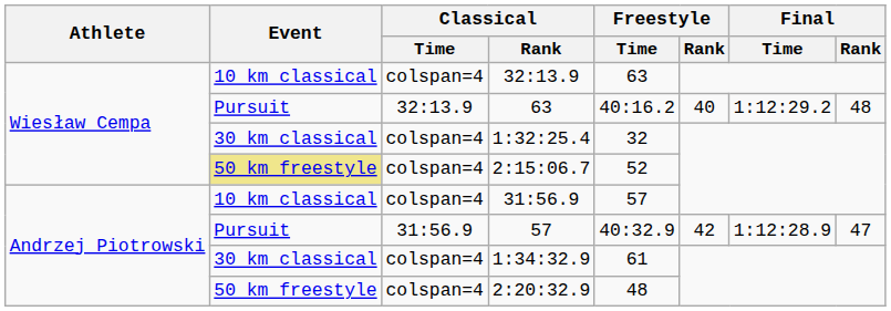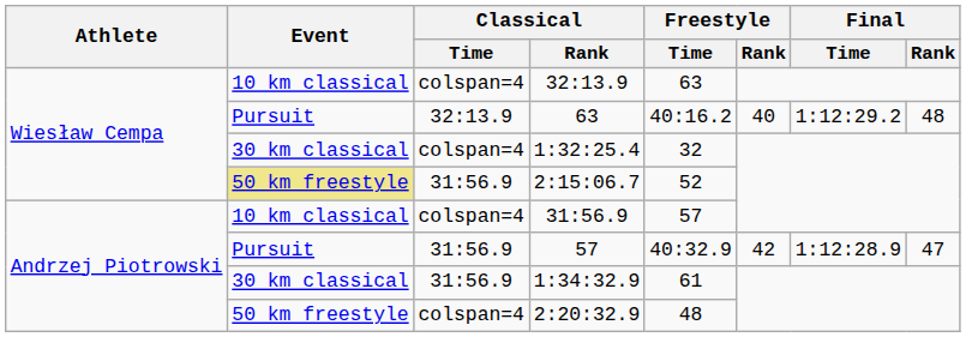 <table class="wikitable" style="font-size:90%">
 <tr>
 <th rowspan=2>Athlete</th>
 <th rowspan=2>Event</th>
 <th colspan=2>Classical</th>
 <th colspan=2>Freestyle</th>
 <th colspan=2>Final</th>
 </tr>
 <tr style="font-size: 95%">
 <th>Time</th>
 <th>Rank</th>
 <th>Time</th>
 <th>Rank</th>
 <th>Time</th>
 <th>Rank</th>
 </tr>
 <tr align=center>
 <td align=left rowspan=4><a href='#'>Wiesław Cempa</a></td>
 <td align=left><a href='#'>10 km classical</a></td>
 <td>colspan=4 </td>
 <td>32:13.9</td>
 <td>63</td>
 </tr>
 <tr align=center>
 <td align=left><a href='#'>Pursuit</a></td>
 <td>32:13.9</td>
 <td>63</td>
 <td>40:16.2</td>
 <td>40</td>
 <td>1:12:29.2</td>
 <td>48</td>
 </tr>
 <tr align=center>
 <td align=left rowspan=1><a href='#'>30 km classical</a></td>
 <td>colspan=4 </td>
 <td>1:32:25.4</td>
 <td>32</td>
 </tr>
 <tr align=center>
 <td align=left rowspan=1 style="background: khaki;"><a href='#'>50 km freestyle</a></td>
-<td>colspan=4 </td>
+<td>31:56.9</td>
 <td>2:15:06.7</td>
 <td>52</td>
 </tr>
 <tr align=center>
 <td align=left rowspan=4><a href='#'>Andrzej Piotrowski</a></td>
 <td align=left><a href='#'>10 km classical</a></td>
 <td>colspan=4 </td>
 <td>31:56.9</td>
 <td>57</td>
 </tr>
 <tr align=center>
 <td align=left><a href='#'>Pursuit</a></td>
 <td>31:56.9</td>
 <td>57</td>
 <td>40:32.9</td>
 <td>42</td>
 <td>1:12:28.9</td>
 <td>47</td>
 </tr>
 <tr align=center>
 <td align=left rowspan=1><a href='#'>30 km classical</a></td>
-<td>colspan=4 </td>
+<td>31:56.9</td>
 <td>1:34:32.9</td>
 <td>61</td>
 </tr>
 <tr align=center>
 <td align=left rowspan=1><a href='#'>50 km freestyle</a></td>
 <td>colspan=4 </td>
 <td>2:20:32.9</td>
 <td>48</td>
 </tr>
 </table>
